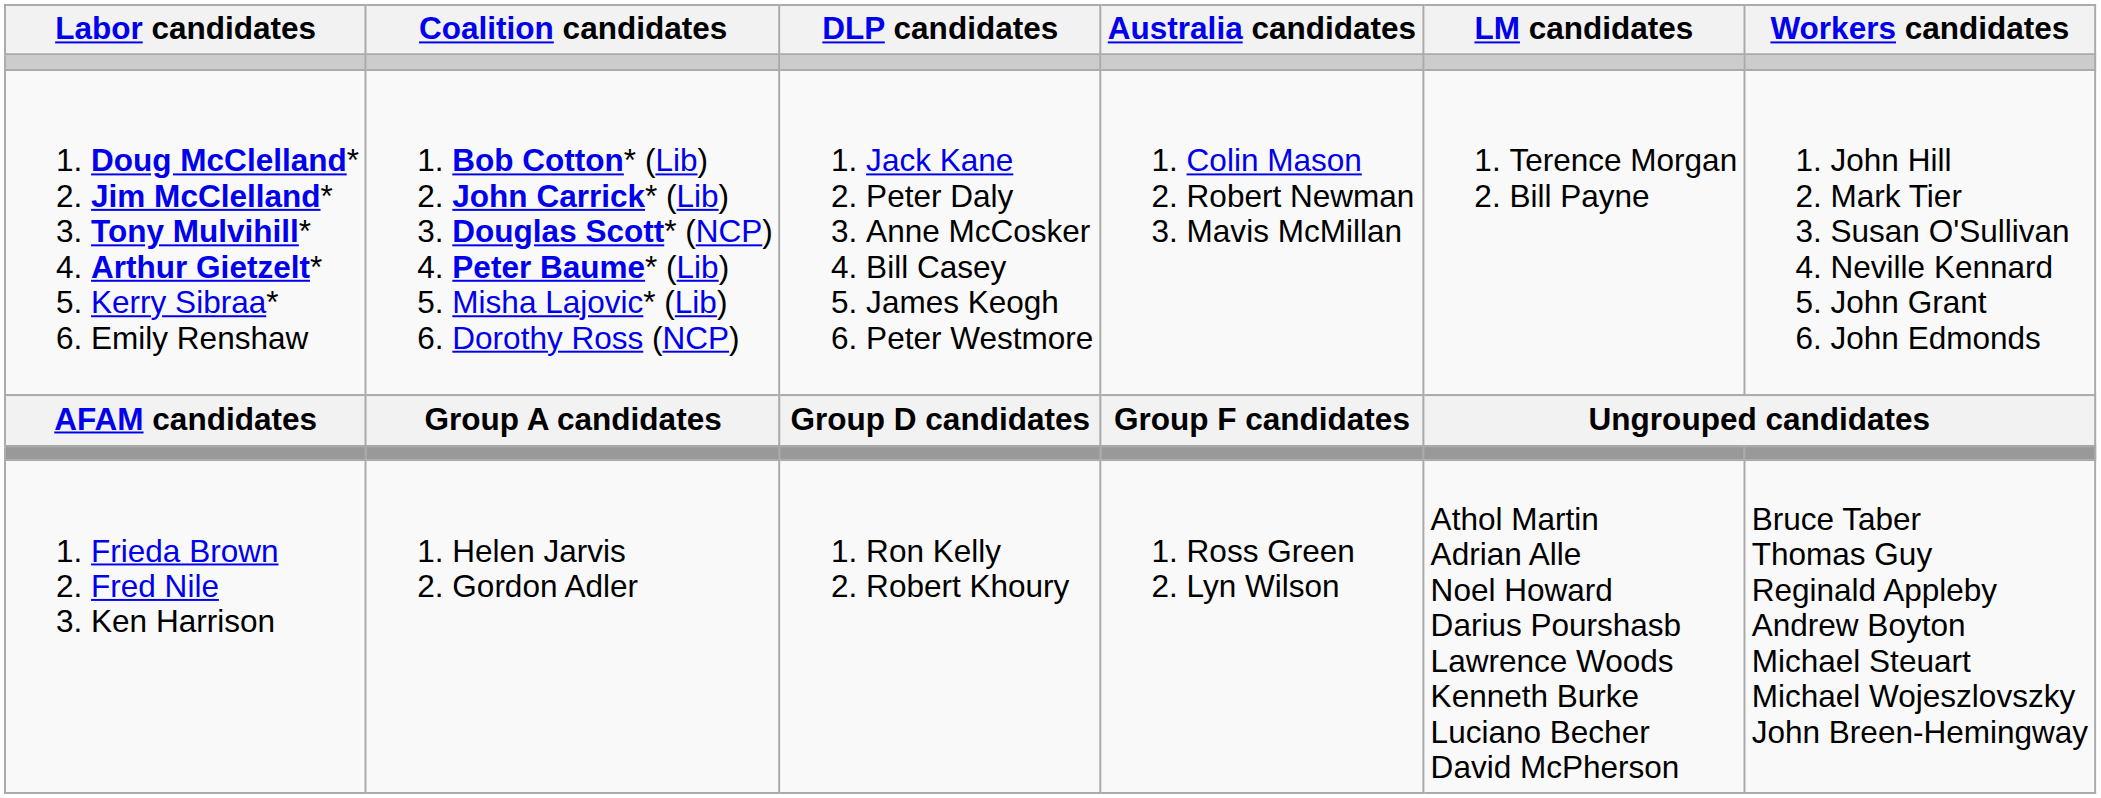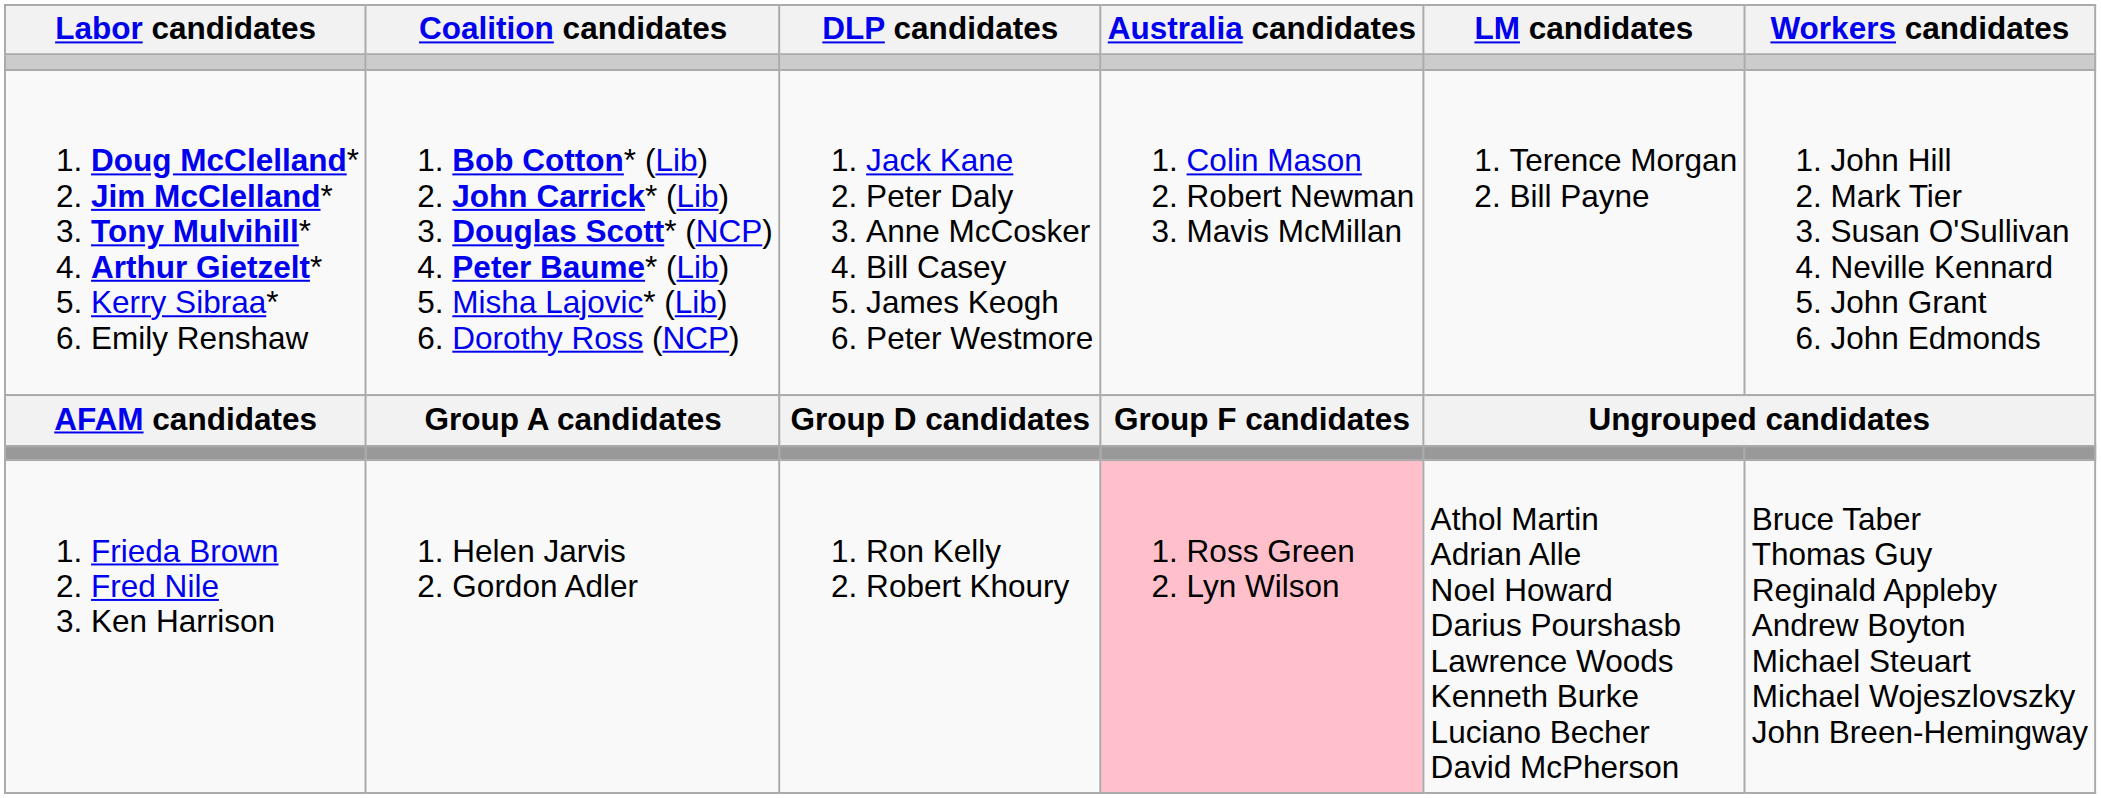 <table class="wikitable">
 <tr>
 <th><a href='#'>Labor</a> candidates</th>
 <th><a href='#'>Coalition</a> candidates</th>
 <th><a href='#'>DLP</a> candidates</th>
 <th><a href='#'>Australia</a> candidates</th>
 <th><a href='#'>LM</a> candidates</th>
 <th><a href='#'>Workers</a> candidates</th>
 </tr>
 <tr bgcolor="#cccccc">
 <td></td>
 <td></td>
 <td></td>
 <td></td>
 <td></td>
 <td></td>
 </tr>
 <tr>
 <td><br><ol><li><strong><a href='#'>Doug McClelland</a></strong>*</li><li><strong><a href='#'>Jim McClelland</a></strong>*</li><li><strong><a href='#'>Tony Mulvihill</a></strong>*</li><li><strong><a href='#'>Arthur Gietzelt</a></strong>*</li><li><a href='#'>Kerry Sibraa</a>*</li><li>Emily Renshaw</li></ol></td>
 <td><br><ol><li><strong><a href='#'>Bob Cotton</a></strong>* (<a href='#'>Lib</a>)</li><li><strong><a href='#'>John Carrick</a></strong>* (<a href='#'>Lib</a>)</li><li><strong><a href='#'>Douglas Scott</a></strong>* (<a href='#'>NCP</a>)</li><li><strong><a href='#'>Peter Baume</a></strong>* (<a href='#'>Lib</a>)</li><li><a href='#'>Misha Lajovic</a>* (<a href='#'>Lib</a>)</li><li><a href='#'>Dorothy Ross</a> (<a href='#'>NCP</a>)</li></ol></td>
 <td valign=top><br><ol><li><a href='#'>Jack Kane</a></li><li>Peter Daly</li><li>Anne McCosker</li><li>Bill Casey</li><li>James Keogh</li><li>Peter Westmore</li></ol></td>
 <td valign=top><br><ol><li><a href='#'>Colin Mason</a></li><li>Robert Newman</li><li>Mavis McMillan</li></ol></td>
 <td valign=top><br><ol><li>Terence Morgan</li><li>Bill Payne</li></ol></td>
 <td valign=top><br><ol><li>John Hill</li><li>Mark Tier</li><li>Susan O'Sullivan</li><li>Neville Kennard</li><li>John Grant</li><li>John Edmonds</li></ol></td>
 </tr>
 <tr bgcolor="#cccccc">
 <th><a href='#'>AFAM</a> candidates</th>
 <th>Group A candidates</th>
 <th>Group D candidates</th>
 <th>Group F candidates</th>
 <th colspan="2">Ungrouped candidates</th>
 </tr>
 <tr bgcolor="#cccccc">
 <td bgcolor="#999999"></td>
 <td bgcolor="#999999"></td>
 <td bgcolor="#999999"></td>
 <td bgcolor="#999999"></td>
 <td bgcolor="#999999"></td>
 <td bgcolor="#999999"></td>
 </tr>
 <tr>
 <td valign=top><br><ol><li><a href='#'>Frieda Brown</a></li><li><a href='#'>Fred Nile</a></li><li>Ken Harrison</li></ol></td>
 <td valign=top><br><ol><li>Helen Jarvis</li><li>Gordon Adler</li></ol></td>
 <td valign=top><br><ol><li>Ron Kelly</li><li>Robert Khoury</li></ol></td>
-<td valign=top><br><ol><li>Ross Green</li><li>Lyn Wilson</li></ol></td>
+<td valign=top style="background: pink;"><br><ol><li>Ross Green</li><li>Lyn Wilson</li></ol></td>
 <td valign=top><br>Athol Martin<br> Adrian Alle<br> Noel Howard<br> Darius Pourshasb<br> Lawrence Woods<br> Kenneth Burke<br> Luciano Becher<br> David McPherson</td>
 <td valign=top><br>Bruce Taber<br> Thomas Guy<br> Reginald Appleby<br> Andrew Boyton<br> Michael Steuart<br> Michael Wojeszlovszky<br> John Breen-Hemingway</td>
 </tr>
 </table>
